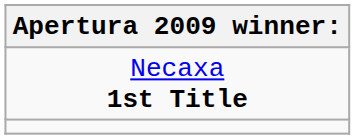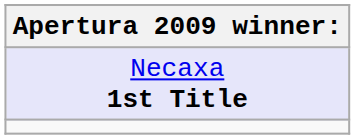 <table class="wikitable" style="text-align: center; margin: 0 auto;">
 <tr>
 <th>Apertura 2009 winner:</th>
 </tr>
 <tr>
-<td><a href='#'>Necaxa</a><br><strong>1st Title</strong></td>
+<td style="background: lavender;"><a href='#'>Necaxa</a><br><strong>1st Title</strong></td>
 </tr>
 <tr>
 <td></td>
 </tr>
 </table>
